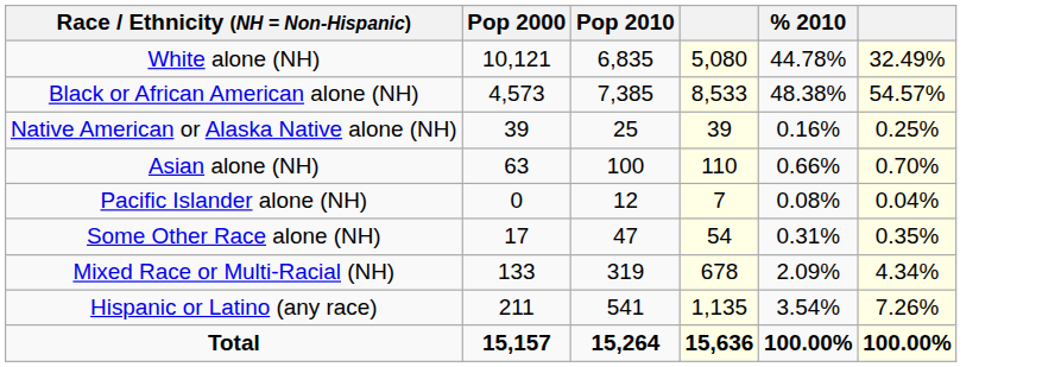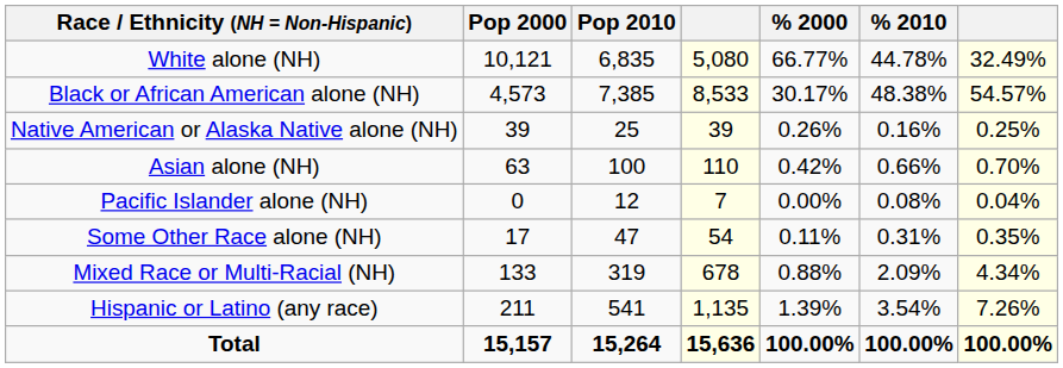 <table class="wikitable"  style="text-align:center;">
 <tr>
 <th>Race / Ethnicity <small>(<em>NH = Non-Hispanic</em>)</small></th>
 <th>Pop 2000</th>
 <th>Pop 2010</th>
 <th></th>
+<th>% 2000</th>
 <th>% 2010</th>
 <th></th>
 </tr>
 <tr>
 <td><a href='#'>White</a> alone (NH)</td>
 <td>10,121</td>
 <td>6,835</td>
 <td style='background: #ffffe6;'>5,080</td>
+<td>66.77%</td>
 <td>44.78%</td>
 <td style='background: #ffffe6;'>32.49%</td>
 </tr>
 <tr>
 <td><a href='#'>Black or African American</a> alone (NH)</td>
 <td>4,573</td>
 <td>7,385</td>
 <td style='background: #ffffe6;'>8,533</td>
+<td>30.17%</td>
 <td>48.38%</td>
 <td style='background: #ffffe6;'>54.57%</td>
 </tr>
 <tr>
 <td><a href='#'>Native American</a> or <a href='#'>Alaska Native</a> alone (NH)</td>
 <td>39</td>
 <td>25</td>
 <td style='background: #ffffe6;'>39</td>
+<td>0.26%</td>
 <td>0.16%</td>
 <td style='background: #ffffe6;'>0.25%</td>
 </tr>
 <tr>
 <td><a href='#'>Asian</a> alone (NH)</td>
 <td>63</td>
 <td>100</td>
 <td style='background: #ffffe6;'>110</td>
+<td>0.42%</td>
 <td>0.66%</td>
 <td style='background: #ffffe6;'>0.70%</td>
 </tr>
 <tr>
 <td><a href='#'>Pacific Islander</a> alone (NH)</td>
 <td>0</td>
 <td>12</td>
 <td style='background: #ffffe6;'>7</td>
+<td>0.00%</td>
 <td>0.08%</td>
 <td style='background: #ffffe6;'>0.04%</td>
 </tr>
 <tr>
 <td><a href='#'>Some Other Race</a> alone (NH)</td>
 <td>17</td>
 <td>47</td>
 <td style='background: #ffffe6;'>54</td>
+<td>0.11%</td>
 <td>0.31%</td>
 <td style='background: #ffffe6;'>0.35%</td>
 </tr>
 <tr>
 <td><a href='#'>Mixed Race or Multi-Racial</a> (NH)</td>
 <td>133</td>
 <td>319</td>
 <td style='background: #ffffe6;'>678</td>
+<td>0.88%</td>
 <td>2.09%</td>
 <td style='background: #ffffe6;'>4.34%</td>
 </tr>
 <tr>
 <td><a href='#'>Hispanic or Latino</a> (any race)</td>
 <td>211</td>
 <td>541</td>
 <td style='background: #ffffe6;'>1,135</td>
+<td>1.39%</td>
 <td>3.54%</td>
 <td style='background: #ffffe6;'>7.26%</td>
 </tr>
 <tr>
 <td><strong>Total</strong></td>
 <td><strong>15,157</strong></td>
 <td><strong>15,264</strong></td>
 <td style='background: #ffffe6;'><strong>15,636</strong></td>
 <td><strong>100.00%</strong></td>
+<td><strong>100.00%</strong></td>
 <td style='background: #ffffe6;'><strong>100.00%</strong></td>
 </tr>
 </table>
